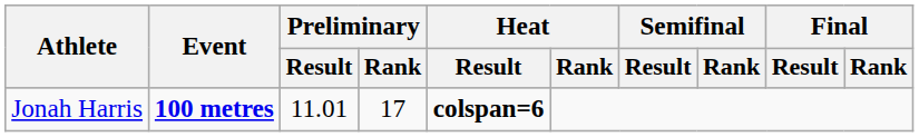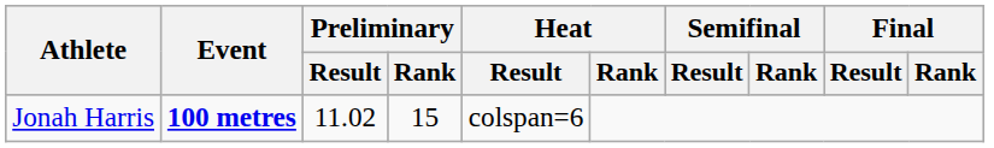 <table class="wikitable" style="font-size:90%">
 <tr>
 <th rowspan="2">Athlete</th>
 <th rowspan="2">Event</th>
 <th colspan="2">Preliminary</th>
 <th colspan="2">Heat</th>
 <th colspan="2">Semifinal</th>
 <th colspan="2">Final</th>
 </tr>
 <tr style="font-size:95%">
 <th>Result</th>
 <th>Rank</th>
 <th>Result</th>
 <th>Rank</th>
 <th>Result</th>
 <th>Rank</th>
 <th>Result</th>
 <th>Rank</th>
 </tr>
 <tr style=text-align:center>
 <td style=text-align:left><a href='#'>Jonah Harris</a></td>
 <td style=text-align:left><strong><a href='#'>100 metres</a></strong></td>
-<td>11.01</td>
-<td>17</td>
-<td><strong>colspan=6 </strong></td>
+<td>11.02</td>
+<td>15</td>
+<td>colspan=6 </td>
 </tr>
 </table>
